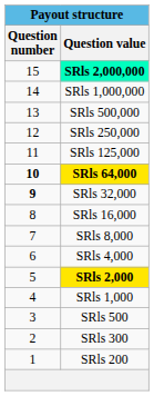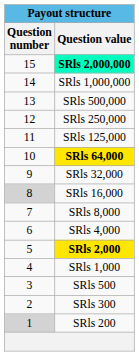 <table class="wikitable" style="text-align:center;">
 <tr>
 <th colspan="2" style="background: #58B9E4">Payout structure</th>
 </tr>
 <tr>
 <th>Question<br>number</th>
 <th>Question value</th>
 </tr>
 <tr>
 <td>15</td>
 <td style="background: #00FFBF"><strong>SRls 2,000,000</strong></td>
 </tr>
 <tr>
 <td>14</td>
 <td>SRls 1,000,000</td>
 </tr>
 <tr>
 <td>13</td>
 <td>SRls 500,000</td>
 </tr>
 <tr>
 <td>12</td>
 <td>SRls 250,000</td>
 </tr>
 <tr>
 <td>11</td>
 <td>SRls 125,000</td>
 </tr>
 <tr>
-<td><strong>10</strong></td>
+<td>10</td>
 <td style="background: #FFE600"><strong>SRls 64,000</strong></td>
 </tr>
 <tr>
-<td><strong>9</strong></td>
+<td>9</td>
 <td>SRls 32,000</td>
 </tr>
 <tr>
-<td>8</td>
+<td style="background: lightgrey;">8</td>
 <td>SRls 16,000</td>
 </tr>
 <tr>
 <td>7</td>
 <td>SRls 8,000</td>
 </tr>
 <tr>
 <td>6</td>
 <td>SRls 4,000</td>
 </tr>
 <tr>
 <td>5</td>
 <td style="background: #FFE600"><strong>SRls 2,000</strong></td>
 </tr>
 <tr>
 <td>4</td>
 <td>SRls 1,000</td>
 </tr>
 <tr>
 <td>3</td>
 <td>SRls 500</td>
 </tr>
 <tr>
 <td>2</td>
 <td>SRls 300</td>
 </tr>
 <tr>
-<td>1</td>
+<td style="background: lightgrey;">1</td>
 <td>SRls 200</td>
 </tr>
 <tr>
 <th colspan="2" style="text-align:left"><br></th>
 </tr>
 </table>
